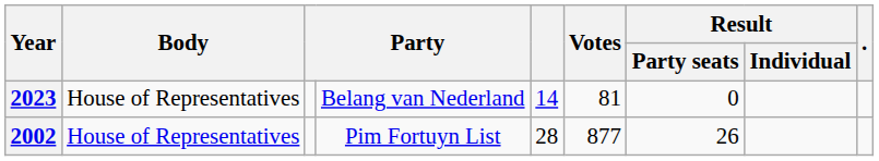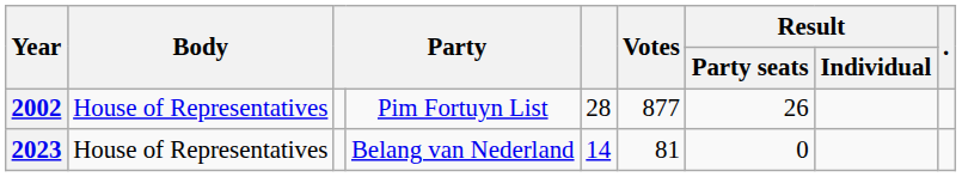 <table class="wikitable plainrowheaders sortable" border=2 cellpadding=4 cellspacing=0 style="border: 1px #aaa solid; font-size: 90%; text-align:center;">
 <tr>
 <th scope="col" rowspan=2>Year</th>
 <th scope="col" rowspan=2>Body</th>
 <th scope="col" colspan=2 rowspan=2>Party</th>
 <th scope="col" rowspan=2></th>
 <th scope="col" rowspan=2>Votes</th>
 <th scope="colgroup" colspan=2>Result</th>
 <th scope="col" rowspan=2 class="unsortable">.</th>
 </tr>
 <tr>
 <th scope="col">Party seats</th>
 <th scope="col">Individual</th>
 </tr>
 <tr>
+<th scope="row"><a href='#'>2002</a></th>
+<td><a href='#'>House of Representatives</a></td>
+<td style="background-color:"></td>
+<td><a href='#'>Pim Fortuyn List</a></td>
+<td style=text-align:right>28</td>
+<td style=text-align:right>877</td>
+<td style=text-align:right>26</td>
+<td></td>
+<td></td>
+</tr>
+<tr>
 <th scope="row"><a href='#'>2023</a></th>
 <td>House of Representatives</td>
 <td style="background-color:"></td>
 <td><a href='#'>Belang van Nederland</a></td>
 <td style=text-align:right><a href='#'>14</a></td>
 <td style=text-align:right>81</td>
 <td style=text-align:right>0</td>
 <td></td>
 <td></td>
 </tr>
-<tr>
-<th scope="row"><a href='#'>2002</a></th>
-<td><a href='#'>House of Representatives</a></td>
-<td style="background-color:"></td>
-<td><a href='#'>Pim Fortuyn List</a></td>
-<td style=text-align:right>28</td>
-<td style=text-align:right>877</td>
-<td style=text-align:right>26</td>
-<td></td>
-<td></td>
-</tr>
 </table>
